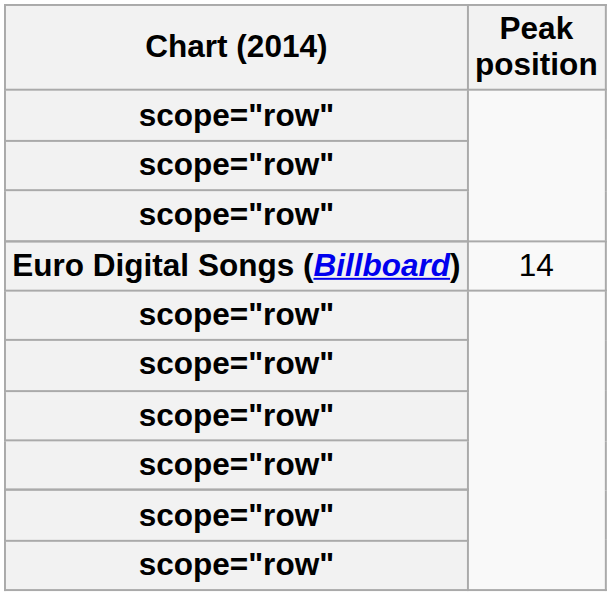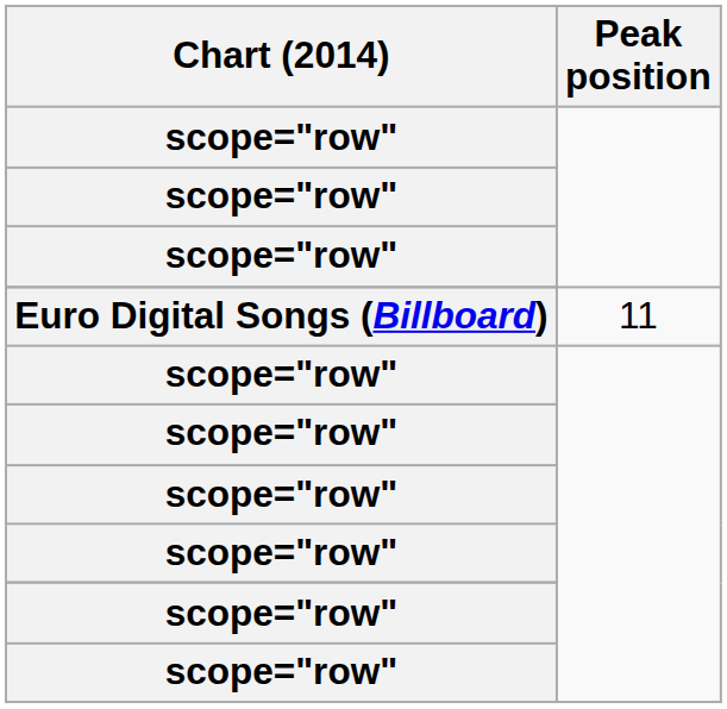 <table class="wikitable sortable plainrowheaders" style="text-align:center;">
 <tr>
 <th>Chart (2014)</th>
 <th>Peak<br>position</th>
 </tr>
 <tr>
 <th>scope="row"</th>
 </tr>
 <tr>
 <th>scope="row"</th>
 </tr>
 <tr>
 <th>scope="row"</th>
 </tr>
 <tr>
 </tr>
 <tr>
 <th scope="row">Euro Digital Songs (<em><a href='#'>Billboard</a></em>)</th>
-<td>14</td>
+<td>11</td>
 </tr>
 <tr>
 <th>scope="row"</th>
 </tr>
 <tr>
 <th>scope="row"</th>
 </tr>
 <tr>
 <th>scope="row"</th>
 </tr>
 <tr>
 <th>scope="row"</th>
 </tr>
 <tr>
 </tr>
 <tr>
 <th>scope="row"</th>
 </tr>
 <tr>
 <th>scope="row"</th>
 </tr>
 </table>
